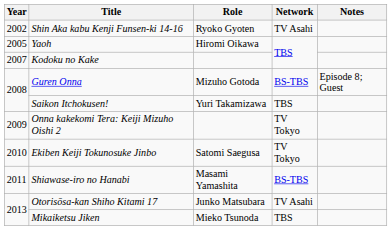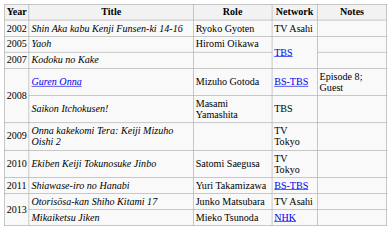 <table class="wikitable">
 <tr>
 <th>Year</th>
 <th>Title</th>
 <th>Role</th>
 <th>Network</th>
 <th>Notes</th>
 </tr>
 <tr>
 <td>2002</td>
 <td><em>Shin Aka kabu Kenji Funsen-ki 14-16</em></td>
 <td>Ryoko Gyoten</td>
 <td>TV Asahi</td>
 <td></td>
 </tr>
 <tr>
 <td>2005</td>
 <td><em>Yaoh</em></td>
 <td>Hiromi Oikawa</td>
 <td rowspan="2"><a href='#'>TBS</a></td>
 <td></td>
 </tr>
 <tr>
 <td>2007</td>
 <td><em>Kodoku no Kake</em></td>
 <td></td>
 <td></td>
 </tr>
 <tr>
 <td rowspan="2">2008</td>
 <td><em><a href='#'>Guren Onna</a></em></td>
 <td>Mizuho Gotoda</td>
 <td><a href='#'>BS-TBS</a></td>
 <td>Episode 8; Guest</td>
 </tr>
 <tr>
 <td><em>Saikon Itchokusen!</em></td>
-<td>Yuri Takamizawa</td>
+<td>Masami Yamashita</td>
 <td>TBS</td>
 <td></td>
 </tr>
 <tr>
 <td>2009</td>
 <td><em>Onna kakekomi Tera: Keiji Mizuho Oishi 2</em></td>
 <td></td>
 <td>TV Tokyo</td>
 <td></td>
 </tr>
 <tr>
 <td>2010</td>
 <td><em>Ekiben Keiji Tokunosuke Jinbo</em></td>
 <td>Satomi Saegusa</td>
 <td>TV Tokyo</td>
 <td></td>
 </tr>
 <tr>
 <td>2011</td>
 <td><em>Shiawase-iro no Hanabi</em></td>
-<td>Masami Yamashita</td>
+<td>Yuri Takamizawa</td>
 <td><a href='#'>BS-TBS</a></td>
 <td></td>
 </tr>
 <tr>
 <td rowspan="2'">2013</td>
 <td><em>Otorisōsa-kan Shiho Kitami 17</em></td>
 <td>Junko Matsubara</td>
 <td>TV Asahi</td>
 <td></td>
 </tr>
 <tr>
 <td><em>Mikaiketsu Jiken</em></td>
 <td>Mieko Tsunoda</td>
-<td>TBS</td>
+<td><a href='#'>NHK</a></td>
 <td></td>
 </tr>
 </table>
